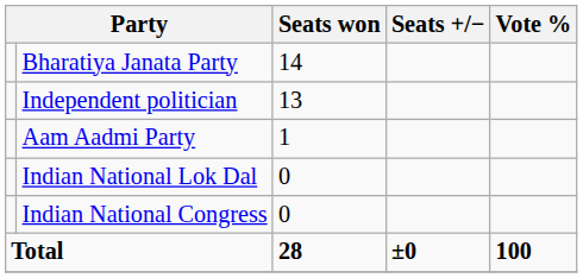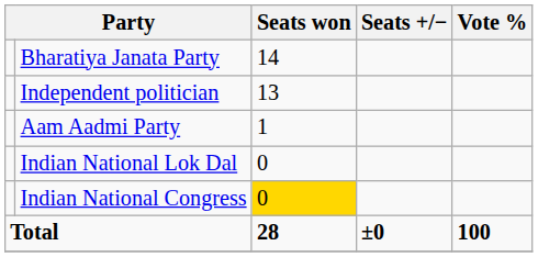 <table class="sortable wikitable">
 <tr>
 <th colspan="2">Party</th>
 <th>Seats won</th>
 <th><strong>Seats +/−</strong></th>
 <th>Vote %</th>
 </tr>
 <tr>
 <td></td>
 <td><a href='#'>Bharatiya Janata Party</a></td>
 <td>14</td>
 <td></td>
 <td></td>
 </tr>
 <tr>
 <td></td>
 <td><a href='#'>Independent politician</a></td>
 <td>13</td>
 <td></td>
 <td></td>
 </tr>
 <tr>
 <td></td>
 <td><a href='#'>Aam Aadmi Party</a></td>
 <td>1</td>
 <td></td>
 <td></td>
 </tr>
 <tr>
 <td></td>
 <td><a href='#'>Indian National Lok Dal</a></td>
 <td>0</td>
 <td></td>
 <td></td>
 </tr>
 <tr>
 <td></td>
 <td><a href='#'>Indian National Congress</a></td>
-<td>0</td>
+<td style="background: gold;">0</td>
 <td></td>
 <td></td>
 </tr>
 <tr>
 <td colspan="2"><strong>Total</strong></td>
 <td><strong>28</strong></td>
 <td><strong>±0</strong></td>
 <td><strong>100</strong></td>
 </tr>
 <tr>
 </tr>
 </table>
